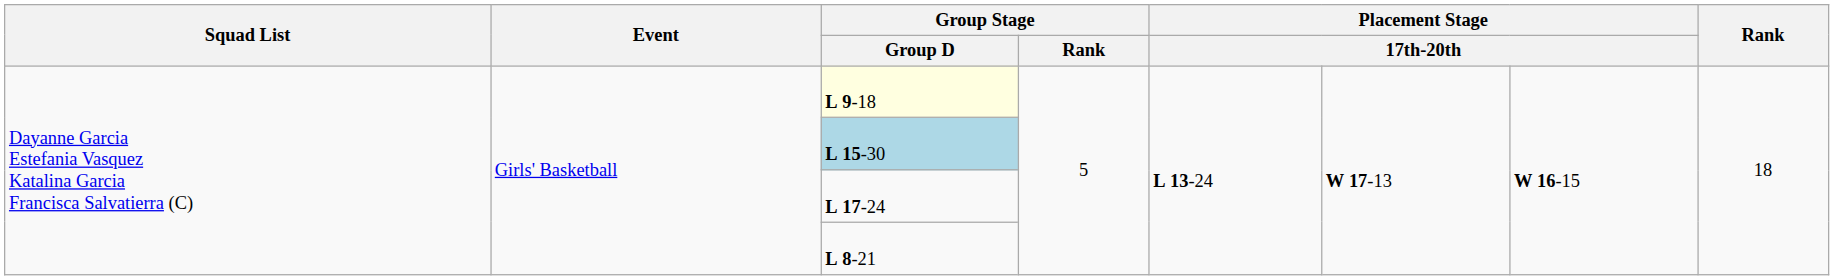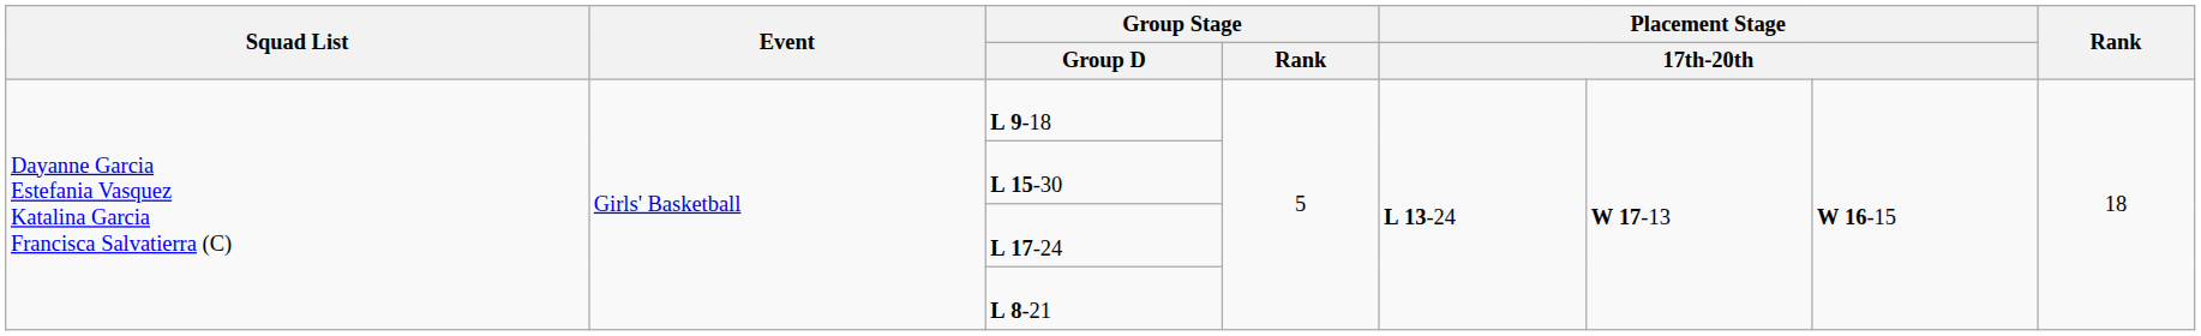 <table class="wikitable" width="90%" style="text-align:left; font-size:90%">
 <tr>
 <th rowspan="2">Squad List</th>
 <th rowspan="2">Event</th>
 <th colspan="2">Group Stage</th>
 <th colspan="3">Placement Stage</th>
 <th rowspan="2">Rank</th>
 </tr>
 <tr>
 <th>Group D</th>
 <th>Rank</th>
 <th colspan="3">17th-20th</th>
 </tr>
 <tr>
 <td rowspan="4"><a href='#'>Dayanne Garcia</a><br><a href='#'>Estefania Vasquez</a><br><a href='#'>Katalina Garcia</a><br><a href='#'>Francisca Salvatierra</a> (C)</td>
 <td rowspan="4"><a href='#'>Girls' Basketball</a></td>
-<td style="background: lightyellow;"><br> <strong>L</strong> <strong>9</strong>-18</td>
+<td><br> <strong>L</strong> <strong>9</strong>-18</td>
 <td rowspan="4" align=center>5</td>
 <td rowspan="4"> <br> <strong>L</strong> <strong>13</strong>-24</td>
 <td rowspan="4"> <br> <strong>W</strong> <strong>17</strong>-13</td>
 <td rowspan="4"> <br> <strong>W</strong> <strong>16</strong>-15</td>
 <td rowspan="4" align="center">18</td>
 </tr>
 <tr>
-<td style="background: lightblue;"><br> <strong>L</strong> <strong>15</strong>-30</td>
+<td><br> <strong>L</strong> <strong>15</strong>-30</td>
 </tr>
 <tr>
 <td><br> <strong>L</strong> <strong>17</strong>-24</td>
 </tr>
 <tr>
 <td><br> <strong>L</strong> <strong>8</strong>-21</td>
 </tr>
 </table>
